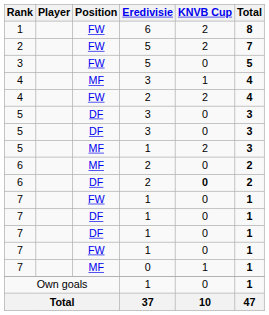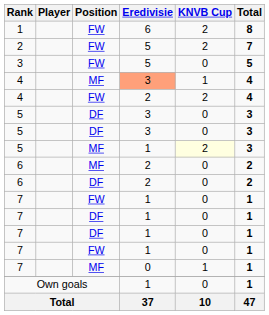 <table class="wikitable sortable">
 <tr>
 <th>Rank</th>
 <th>Player</th>
 <th>Position</th>
 <th><a href='#'>Eredivisie</a></th>
 <th><a href='#'>KNVB Cup</a></th>
 <th>Total</th>
 </tr>
 <tr>
 <td align=center>1</td>
 <td> </td>
 <td align=center><a href='#'>FW</a></td>
 <td align=center>6</td>
 <td align=center>2</td>
 <td align=center><strong>8</strong></td>
 </tr>
 <tr>
 <td align=center>2</td>
 <td> </td>
 <td align=center><a href='#'>FW</a></td>
 <td align=center>5</td>
 <td align=center>2</td>
 <td align=center><strong>7</strong></td>
 </tr>
 <tr>
 <td align=center>3</td>
 <td> </td>
 <td align=center><a href='#'>FW</a></td>
 <td align=center>5</td>
 <td align=center>0</td>
 <td align=center><strong>5</strong></td>
 </tr>
 <tr>
 <td align=center>4</td>
 <td> </td>
 <td align=center><a href='#'>MF</a></td>
-<td align=center>3</td>
+<td align=center style="background: lightsalmon;">3</td>
 <td align=center>1</td>
 <td align=center><strong>4</strong></td>
 </tr>
 <tr>
 <td align=center>4</td>
 <td> </td>
 <td align=center><a href='#'>FW</a></td>
 <td align=center>2</td>
 <td align=center>2</td>
 <td align=center><strong>4</strong></td>
 </tr>
 <tr>
 <td align=center>5</td>
 <td> </td>
 <td align=center><a href='#'>DF</a></td>
 <td align=center>3</td>
 <td align=center>0</td>
 <td align=center><strong>3</strong></td>
 </tr>
 <tr>
 <td align=center>5</td>
 <td> </td>
 <td align=center><a href='#'>DF</a></td>
 <td align=center>3</td>
 <td align=center>0</td>
 <td align=center><strong>3</strong></td>
 </tr>
 <tr>
 <td align=center>5</td>
 <td> </td>
 <td align=center><a href='#'>MF</a></td>
 <td align=center>1</td>
-<td align=center>2</td>
+<td align=center style="background: lightyellow;">2</td>
 <td align=center><strong>3</strong></td>
 </tr>
 <tr>
 <td align=center>6</td>
 <td> </td>
 <td align=center><a href='#'>MF</a></td>
 <td align=center>2</td>
 <td align=center>0</td>
 <td align=center><strong>2</strong></td>
 </tr>
 <tr>
 <td align=center>6</td>
 <td> </td>
 <td align=center><a href='#'>DF</a></td>
 <td align=center>2</td>
-<td align=center><strong>0</strong></td>
+<td align=center>0</td>
 <td align=center><strong>2</strong></td>
 </tr>
 <tr>
 <td align=center>7</td>
 <td> </td>
 <td align=center><a href='#'>FW</a></td>
 <td align=center>1</td>
 <td align=center>0</td>
 <td align=center><strong>1</strong></td>
 </tr>
 <tr>
 <td align=center>7</td>
 <td> </td>
 <td align=center><a href='#'>DF</a></td>
 <td align=center>1</td>
 <td align=center>0</td>
 <td align=center><strong>1</strong></td>
 </tr>
 <tr>
 <td align=center>7</td>
 <td> </td>
 <td align=center><a href='#'>DF</a></td>
 <td align=center>1</td>
 <td align=center>0</td>
 <td align=center><strong>1</strong></td>
 </tr>
 <tr>
 <td align=center>7</td>
 <td> </td>
 <td align=center><a href='#'>FW</a></td>
 <td align=center>1</td>
 <td align=center>0</td>
 <td align=center><strong>1</strong></td>
 </tr>
 <tr>
 <td align=center>7</td>
 <td> </td>
 <td align=center><a href='#'>MF</a></td>
 <td align=center>0</td>
 <td align=center>1</td>
 <td align=center><strong>1</strong></td>
 </tr>
 <tr>
 </tr>
 <tr class="sortbottom">
 <td align=center colspan=3>Own goals</td>
 <td align=center>1</td>
 <td align=center>0</td>
 <td align=center><strong>1</strong></td>
 </tr>
 <tr>
 <th colspan=3>Total</th>
 <th>37</th>
 <th>10</th>
 <th>47</th>
 </tr>
 </table>
